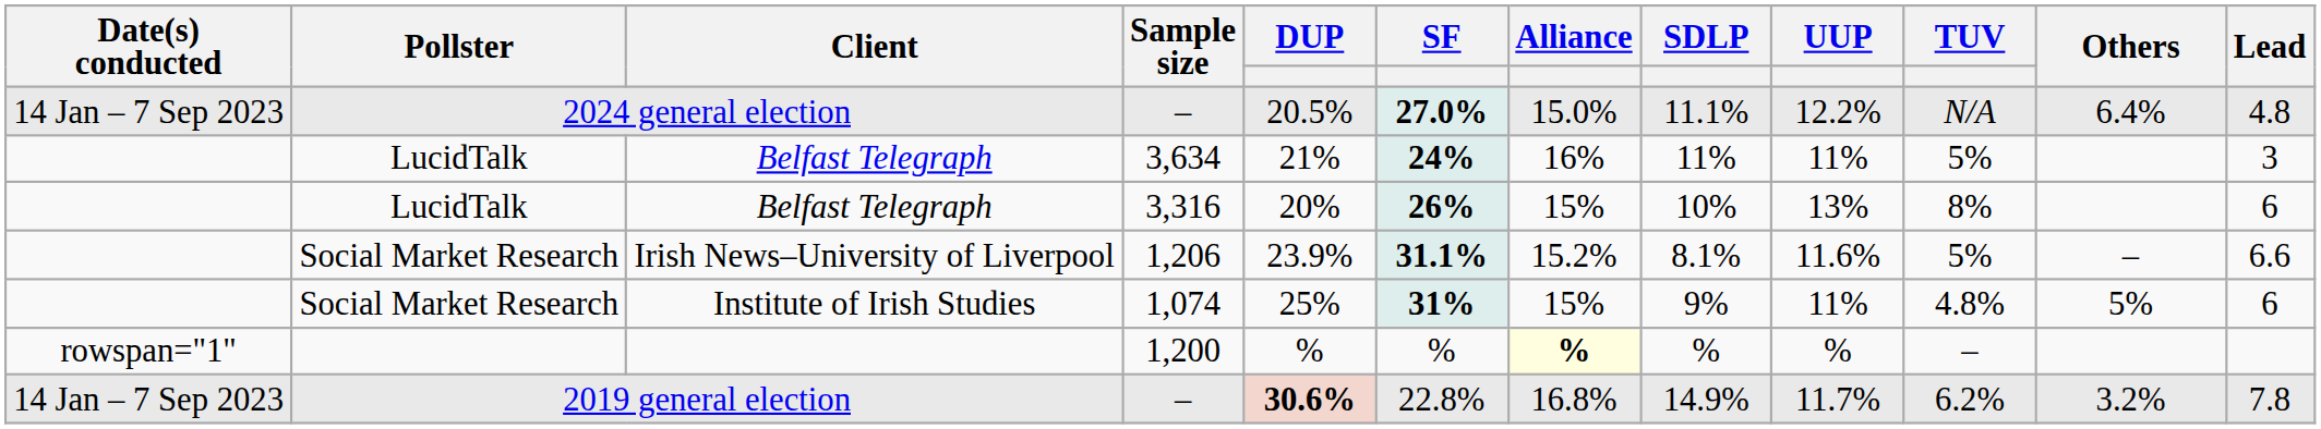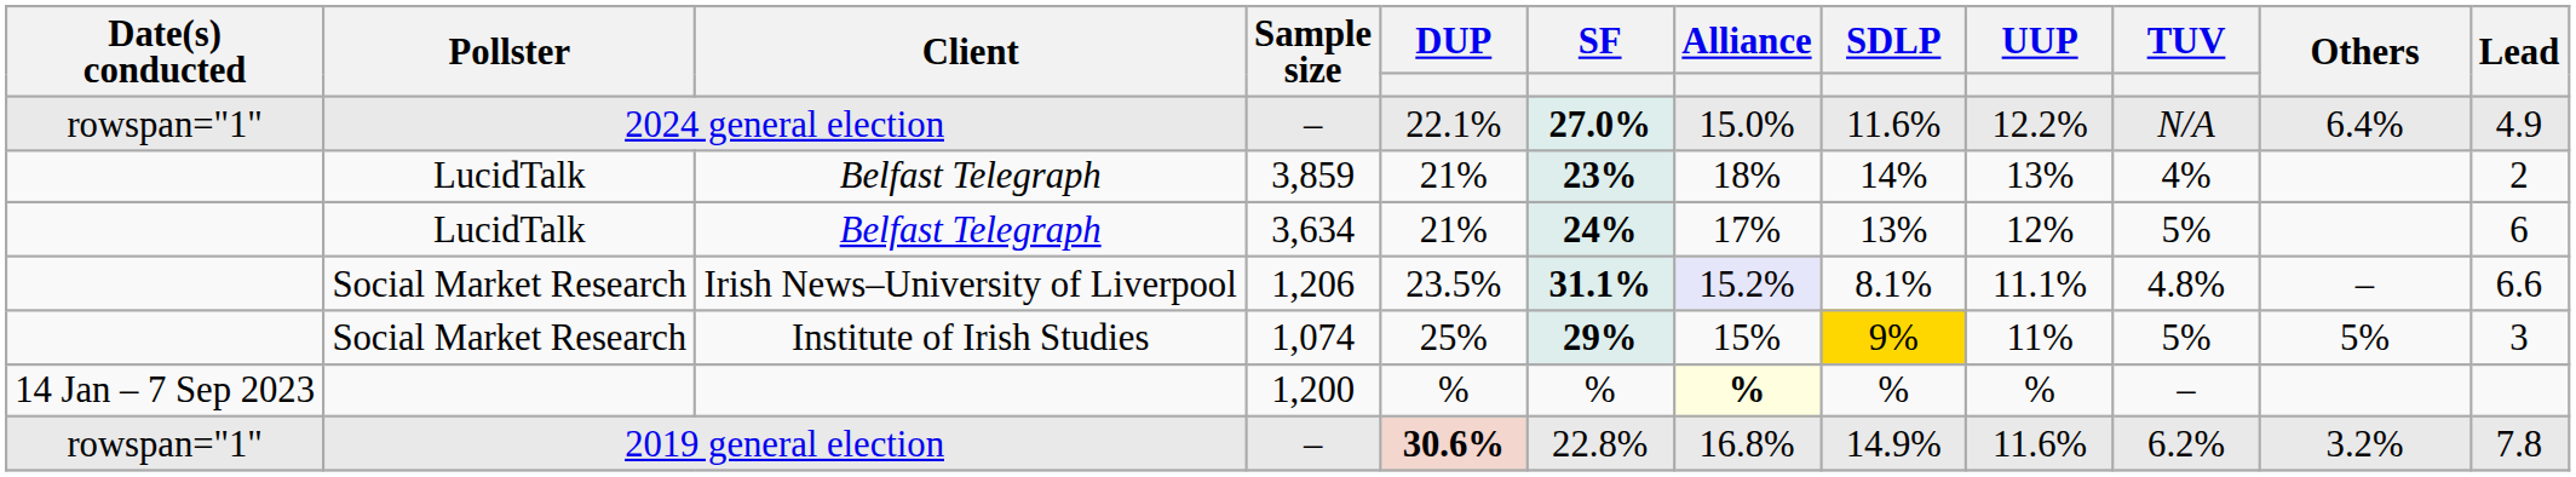 <table class="wikitable sortable mw-datatable" style="text-align:center; font-size:90%; line-height:14px;">
 <tr>
 <th rowspan="2">Date(s)<br>conducted</th>
 <th rowspan="2">Pollster</th>
 <th rowspan="2">Client</th>
 <th rowspan="2" data-sort-type="number">Sample<br>size</th>
 <th class="unsortable" style="width:50px;"><a href='#'>DUP</a></th>
 <th class="unsortable" style="width:50px;"><a href='#'>SF</a></th>
 <th class="unsortable" style="width:50px;"><a href='#'>Alliance</a></th>
 <th class="unsortable" style="width:50px;"><a href='#'>SDLP</a></th>
 <th class="unsortable" style="width:50px;"><a href='#'>UUP</a></th>
 <th class="unsortable" style="width:50px;"><a href='#'>TUV</a></th>
 <th rowspan="2" class="unsortable" style="width:75px;">Others</th>
 <th rowspan="2" data-sort-type="number">Lead</th>
 </tr>
 <tr>
 <th data-sort-type="number" style="background:"></th>
 <th data-sort-type="number" style="background:"></th>
 <th data-sort-type="number" style="background:"></th>
 <th data-sort-type="number" style="background:"></th>
 <th data-sort-type="number" style="background:"></th>
 <th data-sort-type="number" style="background:"></th>
 </tr>
 <tr style="background:#e9e9e9;">
-<td>14 Jan – 7 Sep 2023</td>
+<td>rowspan="1" </td>
 <td colspan="2" rowspan="1"><a href='#'>2024 general election</a></td>
 <td>–</td>
-<td>20.5%</td>
+<td>22.1%</td>
 <td style="background:#ddeeec;"><strong>27.0%</strong></td>
 <td>15.0%</td>
-<td>11.1%</td>
+<td>11.6%</td>
 <td>12.2%</td>
 <td><em>N/A</em></td>
 <td>6.4%</td>
-<td style="background:">4.8</td>
+<td style="background:">4.9</td>
+</tr>
+<tr>
+<td></td>
+<td>LucidTalk</td>
+<td><em>Belfast Telegraph</em></td>
+<td>3,859</td>
+<td>21%</td>
+<td style="background:#ddeeec;"><strong>23%</strong></td>
+<td>18%</td>
+<td>14%</td>
+<td>13%</td>
+<td>4%</td>
+<td></td>
+<td style="background:">2</td>
 </tr>
 <tr>
 <td></td>
 <td>LucidTalk</td>
 <td><em><a href='#'>Belfast Telegraph</a></em></td>
 <td>3,634</td>
 <td>21%</td>
 <td style="background:#ddeeec;"><strong>24%</strong></td>
-<td>16%</td>
-<td>11%</td>
-<td>11%</td>
+<td>17%</td>
+<td>13%</td>
+<td>12%</td>
 <td>5%</td>
-<td></td>
-<td style="background:">3</td>
-</tr>
-<tr>
-<td></td>
-<td>LucidTalk</td>
-<td><em>Belfast Telegraph</em></td>
-<td>3,316</td>
-<td>20%</td>
-<td style="background:#ddeeec;"><strong>26%</strong></td>
-<td>15%</td>
-<td>10%</td>
-<td>13%</td>
-<td>8%</td>
 <td></td>
 <td style="background:">6</td>
 </tr>
 <tr>
 <td></td>
 <td>Social Market Research</td>
 <td>Irish News–University of Liverpool</td>
 <td>1,206</td>
-<td>23.9%</td>
+<td>23.5%</td>
 <td style="background:#ddeeec;"><strong>31.1%</strong></td>
-<td>15.2%</td>
+<td style="background: lavender;">15.2%</td>
 <td>8.1%</td>
-<td>11.6%</td>
-<td>5%</td>
+<td>11.1%</td>
+<td>4.8%</td>
 <td>–</td>
 <td style="background:">6.6</td>
 </tr>
 <tr>
 <td></td>
 <td>Social Market Research</td>
 <td>Institute of Irish Studies</td>
 <td>1,074</td>
 <td>25%</td>
-<td style="background:#ddeeec;"><strong>31%</strong></td>
+<td style="background:#ddeeec;"><strong>29%</strong></td>
 <td>15%</td>
-<td>9%</td>
+<td style="background: gold;">9%</td>
 <td>11%</td>
-<td>4.8%</td>
 <td>5%</td>
-<td style="background:">6</td>
+<td>5%</td>
+<td style="background:">3</td>
 </tr>
 <tr>
-<td>rowspan="1" </td>
+<td>14 Jan – 7 Sep 2023</td>
 <td></td>
 <td></td>
 <td>1,200</td>
 <td>% </td>
 <td>%</td>
 <td style="background:#ffffe0;"><strong>%</strong></td>
 <td>%</td>
 <td>%</td>
 <td>–</td>
 <td></td>
 <td style="background:"></td>
 </tr>
 <tr style="background:#e9e9e9;">
-<td>14 Jan – 7 Sep 2023</td>
+<td>rowspan="1" </td>
 <td colspan="2" rowspan="1"><a href='#'>2019 general election</a></td>
 <td>–</td>
 <td style="background:#F3D6CE;"><strong>30.6%</strong></td>
 <td>22.8%</td>
 <td>16.8%</td>
 <td>14.9%</td>
-<td>11.7%</td>
+<td>11.6%</td>
 <td>6.2%</td>
 <td>3.2%</td>
 <td style="background:">7.8</td>
 </tr>
 </table>
